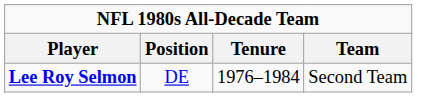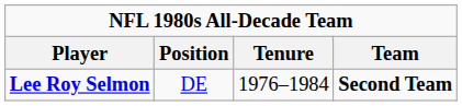 <table class="wikitable" style="text-align:center">
 <tr>
 <td colspan="4"><strong>NFL 1980s All-Decade Team</strong></td>
 </tr>
 <tr>
 <th>Player</th>
 <th>Position</th>
 <th>Tenure</th>
 <th>Team</th>
 </tr>
 <tr>
 <td><strong><a href='#'>Lee Roy Selmon</a></strong></td>
 <td><a href='#'>DE</a></td>
 <td>1976–1984</td>
-<td>Second Team</td>
+<td><strong>Second Team</strong></td>
 </tr>
 </table>
